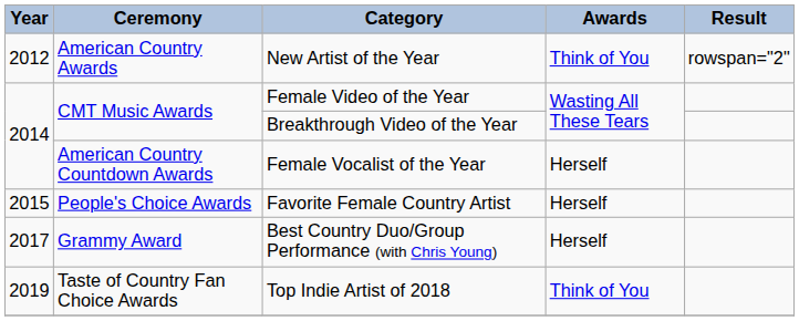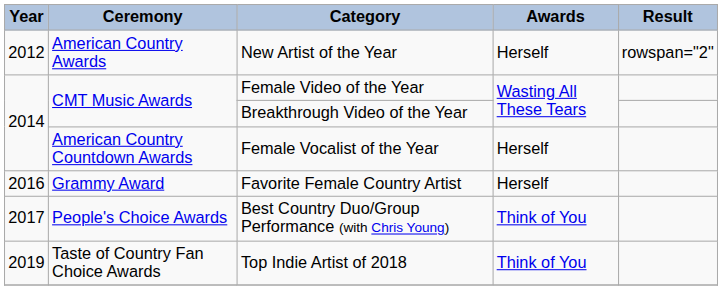 <table width="700" class="wikitable">
 <tr>
 <th style="background:#B0C4DE;">Year</th>
 <th style="background:#B0C4DE;">Ceremony</th>
 <th style="background:#B0C4DE;">Category</th>
 <th style="background:#B0C4DE;">Awards</th>
 <th style="background:#B0C4DE;">Result</th>
 </tr>
 <tr>
 <td>2012</td>
 <td><a href='#'>American Country Awards</a></td>
 <td>New Artist of the Year</td>
-<td><a href='#'>Think of You</a></td>
+<td>Herself</td>
 <td>rowspan="2" </td>
 </tr>
 <tr>
 <td rowspan="3">2014</td>
 <td rowspan="2"><a href='#'>CMT Music Awards</a></td>
 <td>Female Video of the Year</td>
 <td rowspan="2"><a href='#'>Wasting All These Tears</a></td>
 </tr>
 <tr>
 <td>Breakthrough Video of the Year</td>
 <td></td>
 </tr>
 <tr>
 <td><a href='#'>American Country Countdown Awards</a></td>
 <td>Female Vocalist of the Year</td>
 <td>Herself</td>
 <td></td>
 </tr>
 <tr>
-<td>2015</td>
-<td><a href='#'>People's Choice Awards</a></td>
+<td>2016</td>
+<td><a href='#'>Grammy Award</a></td>
 <td>Favorite Female Country Artist</td>
 <td>Herself</td>
 <td></td>
 </tr>
 <tr>
 <td>2017</td>
-<td><a href='#'>Grammy Award</a></td>
+<td><a href='#'>People's Choice Awards</a></td>
 <td>Best Country Duo/Group Performance <small>(with <a href='#'>Chris Young</a>)</small></td>
-<td>Herself</td>
+<td><a href='#'>Think of You</a></td>
 <td></td>
 </tr>
 <tr>
 <td>2019</td>
 <td>Taste of Country Fan Choice Awards</td>
 <td>Top Indie Artist of 2018</td>
 <td><a href='#'>Think of You</a></td>
 <td></td>
 </tr>
 <tr>
 </tr>
 </table>
